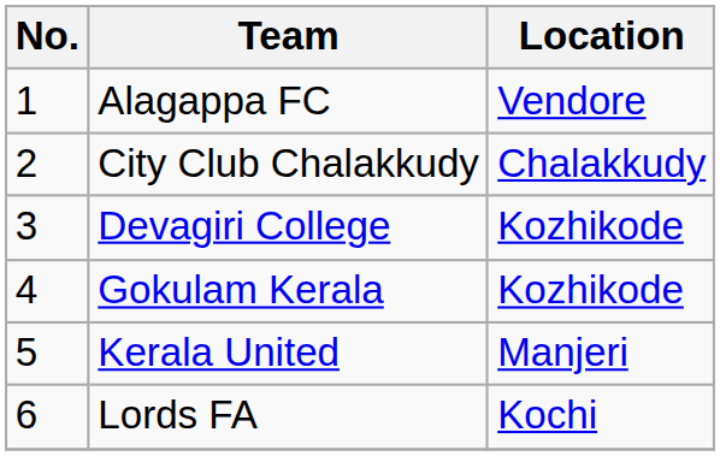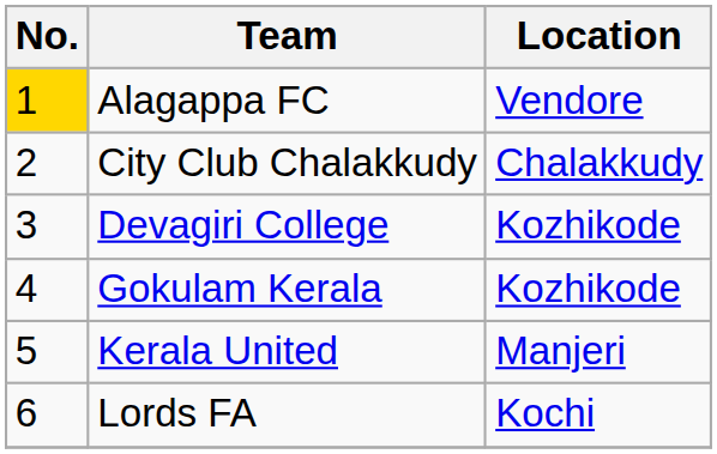 <table class="wikitable">
 <tr>
 <th>No.</th>
 <th>Team</th>
 <th>Location</th>
 </tr>
 <tr>
-<td>1</td>
+<td style="background: gold;">1</td>
 <td>Alagappa FC</td>
 <td><a href='#'>Vendore</a></td>
 </tr>
 <tr>
 <td>2</td>
 <td>City Club Chalakkudy</td>
 <td><a href='#'>Chalakkudy</a></td>
 </tr>
 <tr>
 <td>3</td>
 <td><a href='#'>Devagiri College</a></td>
 <td><a href='#'>Kozhikode</a></td>
 </tr>
 <tr>
 <td>4</td>
 <td><a href='#'>Gokulam Kerala</a></td>
 <td><a href='#'>Kozhikode</a></td>
 </tr>
 <tr>
 <td>5</td>
 <td><a href='#'>Kerala United</a></td>
 <td><a href='#'>Manjeri</a></td>
 </tr>
 <tr>
 <td>6</td>
 <td>Lords FA</td>
 <td><a href='#'>Kochi</a></td>
 </tr>
 <tr>
 </tr>
 </table>
